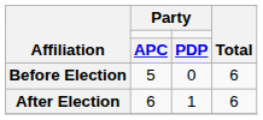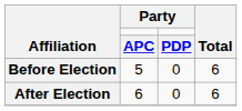 <table class=wikitable style="text-align:center">
 <tr style="vertical-align:bottom;">
 <th rowspan=3>Affiliation</th>
 <th colspan="2">Party</th>
 <th rowspan=3>Total</th>
 </tr>
 <tr>
 <td style="background-color:"></td>
 <td style="background-color:"></td>
 </tr>
 <tr>
 <th><a href='#'>APC</a></th>
 <th><a href='#'>PDP</a></th>
 </tr>
 <tr>
 <th>Before Election</th>
 <td>5</td>
 <td>0</td>
 <td>6</td>
 </tr>
 <tr>
 <th>After Election</th>
 <td>6</td>
-<td>1</td>
+<td>0</td>
 <td>6</td>
 </tr>
 <tr>
 </tr>
 </table>
